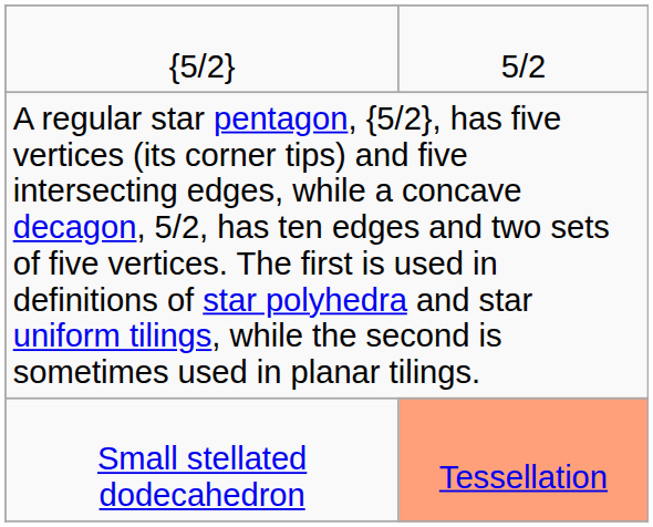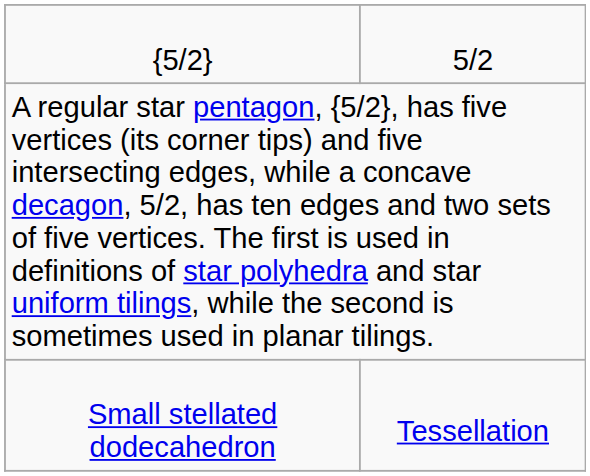 <table class=wikitable align=right width=320 style="margin: 0px 0px 10px 10px">
 <tr align=center>
 <td><br>{5/2}</td>
 <td><br>5/2</td>
 </tr>
 <tr>
 <td colspan=2>A regular star <a href='#'>pentagon</a>, {5/2}, has five vertices (its corner tips) and five intersecting edges, while a concave <a href='#'>decagon</a>, 5/2, has ten edges and two sets of five vertices. The first is used in definitions of <a href='#'>star polyhedra</a> and star <a href='#'>uniform tilings</a>, while the second is sometimes used in planar tilings.</td>
 </tr>
 <tr align=center>
 <td><br><a href='#'>Small stellated dodecahedron</a></td>
-<td style="background: lightsalmon;"><br><a href='#'>Tessellation</a></td>
+<td><br><a href='#'>Tessellation</a></td>
 </tr>
 </table>
